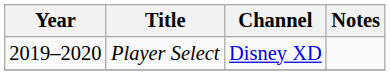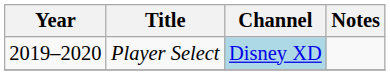 <table class="wikitable sortable">
 <tr>
 <th>Year</th>
 <th>Title</th>
 <th>Channel</th>
 <th class="unsortable">Notes</th>
 </tr>
 <tr>
 <td>2019–2020</td>
 <td><em>Player Select</em></td>
-<td><a href='#'>Disney XD</a></td>
+<td style="background: lightblue;"><a href='#'>Disney XD</a></td>
 <td style="text-align:center;"></td>
 </tr>
 <tr>
 </tr>
 </table>
